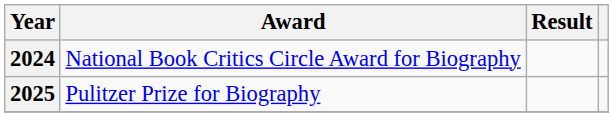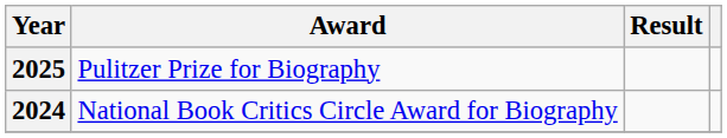 <table class="wikitable sortable">
 <tr>
 <th>Year</th>
 <th>Award</th>
 <th>Result</th>
 <th></th>
 </tr>
 <tr>
+<th rowspan="1">2025</th>
+<td><a href='#'>Pulitzer Prize for Biography</a></td>
+<td></td>
+<td></td>
+</tr>
+<tr>
 <th rowspan="1">2024</th>
 <td><a href='#'>National Book Critics Circle Award for Biography</a></td>
 <td></td>
 <td></td>
 </tr>
 <tr>
-<th rowspan="1">2025</th>
-<td><a href='#'>Pulitzer Prize for Biography</a></td>
-<td></td>
-<td></td>
-</tr>
-<tr>
 </tr>
 </table>
